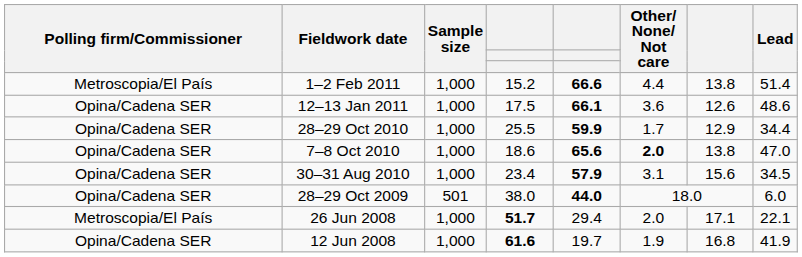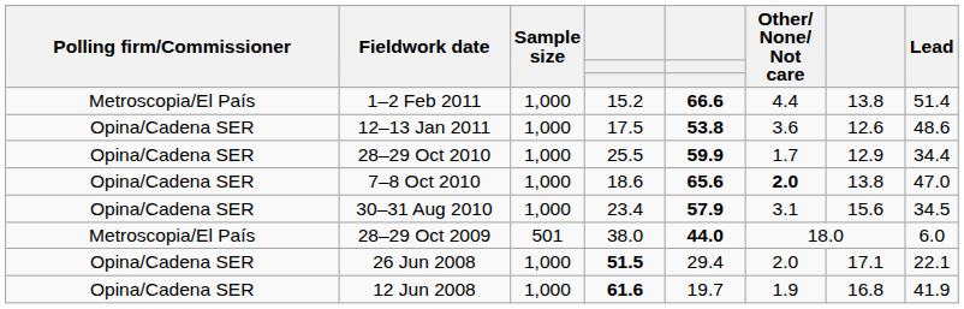 <table class="wikitable collapsible collapsed" style="text-align:center; font-size:90%; line-height:14px;">
 <tr style="height:42px;">
 <th style="width:250px;" rowspan="3">Polling firm/Commissioner</th>
 <th style="width:125px;" rowspan="3">Fieldwork date</th>
 <th style="width:50px;" rowspan="3">Sample size</th>
 <th style="width:55px;"></th>
 <th style="width:55px;"></th>
 <th style="width:55px;" rowspan="3">Other/<br>None/<br>Not<br>care</th>
 <th style="width:55px;" rowspan="3"></th>
 <th style="width:30px;" rowspan="3">Lead</th>
 </tr>
 <tr>
 <th style="color:inherit;background:"></th>
 <th style="color:inherit;background:"></th>
 </tr>
 <tr>
 <th></th>
 <th></th>
 </tr>
 <tr>
 <td>Metroscopia/El País</td>
 <td>1–2 Feb 2011</td>
 <td>1,000</td>
 <td>15.2</td>
 <td><strong>66.6</strong></td>
 <td>4.4</td>
 <td>13.8</td>
 <td style="background:">51.4</td>
 </tr>
 <tr>
 <td>Opina/Cadena SER</td>
 <td>12–13 Jan 2011</td>
 <td>1,000</td>
 <td>17.5</td>
-<td><strong>66.1</strong></td>
+<td><strong>53.8</strong></td>
 <td>3.6</td>
 <td>12.6</td>
 <td style="background:">48.6</td>
 </tr>
 <tr>
 <td>Opina/Cadena SER</td>
 <td>28–29 Oct 2010</td>
 <td>1,000</td>
 <td>25.5</td>
 <td><strong>59.9</strong></td>
 <td>1.7</td>
 <td>12.9</td>
 <td style="background:">34.4</td>
 </tr>
 <tr>
 <td>Opina/Cadena SER</td>
 <td>7–8 Oct 2010</td>
 <td>1,000</td>
 <td>18.6</td>
 <td><strong>65.6</strong></td>
 <td><strong>2.0</strong></td>
 <td>13.8</td>
 <td style="background:">47.0</td>
 </tr>
 <tr>
 <td>Opina/Cadena SER</td>
 <td>30–31 Aug 2010</td>
 <td>1,000</td>
 <td>23.4</td>
 <td><strong>57.9</strong></td>
 <td>3.1</td>
 <td>15.6</td>
 <td style="background:">34.5</td>
 </tr>
 <tr>
-<td>Opina/Cadena SER</td>
+<td>Metroscopia/El País</td>
 <td>28–29 Oct 2009</td>
 <td>501</td>
 <td>38.0</td>
 <td><strong>44.0</strong></td>
 <td colspan="2">18.0</td>
 <td style="background:">6.0</td>
 </tr>
 <tr>
-<td>Metroscopia/El País</td>
+<td>Opina/Cadena SER</td>
 <td>26 Jun 2008</td>
 <td>1,000</td>
-<td><strong>51.7</strong></td>
+<td><strong>51.5</strong></td>
 <td>29.4</td>
 <td>2.0</td>
 <td>17.1</td>
 <td style="background:">22.1</td>
 </tr>
 <tr>
 <td>Opina/Cadena SER</td>
 <td>12 Jun 2008</td>
 <td>1,000</td>
 <td><strong>61.6</strong></td>
 <td>19.7</td>
 <td>1.9</td>
 <td>16.8</td>
 <td style="background:">41.9</td>
 </tr>
 </table>
